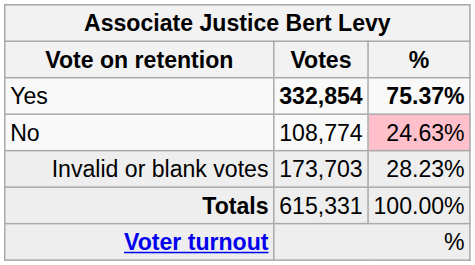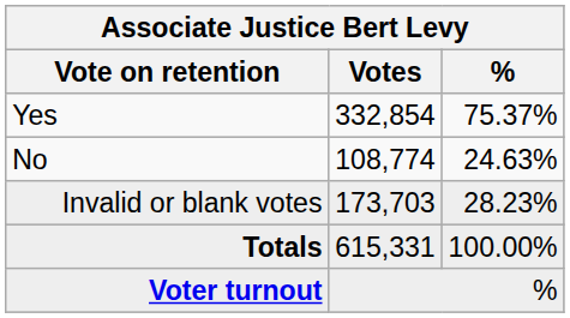 <table class="wikitable" style="font-size: 95%;">
 <tr style="background-color:#E9E9E9">
 <th colspan=7>Associate Justice Bert Levy</th>
 </tr>
 <tr style="background-color:#E9E9E9">
 <th style="width: 170px">Vote on retention</th>
 <th style="width: 50px">Votes</th>
 <th style="width: 40px">%</th>
 </tr>
 <tr>
 <td>Yes</td>
-<td align="right"><strong>332,854</strong></td>
-<td align="right"><strong>75.37%</strong></td>
+<td align="right">332,854</td>
+<td align="right">75.37%</td>
 </tr>
 <tr>
 <td>No</td>
 <td align="right">108,774</td>
-<td align="right" style="background: pink;">24.63%</td>
+<td align="right">24.63%</td>
 </tr>
 <tr style="background-color:#EEEEEE">
 <td align="right">Invalid or blank votes</td>
 <td align="right">173,703</td>
 <td align="right">28.23%</td>
 </tr>
 <tr style="background-color:#EEEEEE">
 <td colspan="1" align="right"><strong>Totals</strong></td>
 <td align="right">615,331</td>
 <td align="right">100.00%</td>
 </tr>
 <tr style="background-color:#EEEEEE">
 <td align="right"><strong><a href='#'>Voter turnout</a></strong></td>
 <td colspan="2" align="right">%</td>
 </tr>
 </table>
